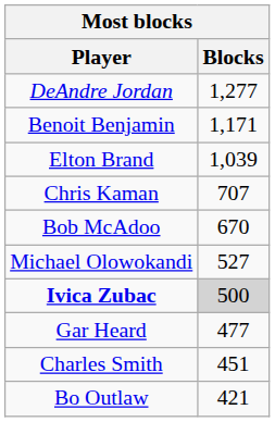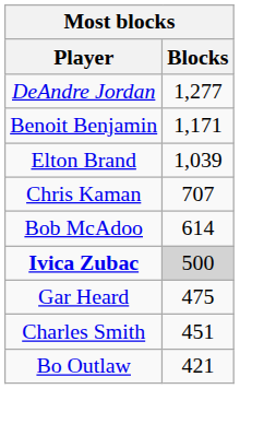 <table class="wikitable sortable" style="text-align:center">
 <tr>
 <th colspan="2" style="text-align:center; ">Most blocks</th>
 </tr>
 <tr>
 <th style="text-align:center; ">Player</th>
 <th style="text-align:center; ">Blocks</th>
 </tr>
 <tr>
 <td><em><a href='#'>DeAndre Jordan</a></em></td>
 <td>1,277</td>
 </tr>
 <tr>
 <td><a href='#'>Benoit Benjamin</a></td>
 <td>1,171</td>
 </tr>
 <tr>
 <td><a href='#'>Elton Brand</a></td>
 <td>1,039</td>
 </tr>
 <tr>
 <td><a href='#'>Chris Kaman</a></td>
 <td>707</td>
 </tr>
 <tr>
 <td><a href='#'>Bob McAdoo</a></td>
-<td>670</td>
-</tr>
-<tr>
-<td><a href='#'>Michael Olowokandi</a></td>
-<td>527</td>
+<td>614</td>
 </tr>
 <tr>
 <td><strong><a href='#'>Ivica Zubac</a></strong></td>
 <td style="background: lightgrey;">500</td>
 </tr>
 <tr>
 <td><a href='#'>Gar Heard</a></td>
-<td>477</td>
+<td>475</td>
 </tr>
 <tr>
 <td><a href='#'>Charles Smith</a></td>
 <td>451</td>
 </tr>
 <tr>
 <td><a href='#'>Bo Outlaw</a></td>
 <td>421</td>
 </tr>
 </table>
